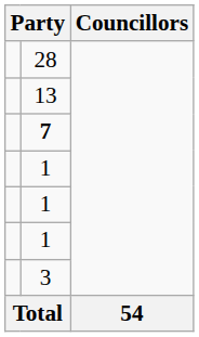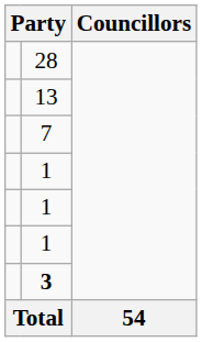 <table class="wikitable">
 <tr>
 <th colspan=2>Party</th>
 <th>Councillors</th>
 </tr>
 <tr>
 <td></td>
 <td align=center>28</td>
 </tr>
 <tr>
 <td></td>
 <td align=center>13</td>
 </tr>
 <tr>
 <td></td>
-<td align=center><strong>7</strong></td>
+<td align=center>7</td>
 </tr>
 <tr>
 <td></td>
 <td align=center>1</td>
 </tr>
 <tr>
 <td></td>
 <td align=center>1</td>
 </tr>
 <tr>
 <td></td>
 <td align=center>1</td>
 </tr>
 <tr>
 <td></td>
-<td align=center>3</td>
+<td align=center><strong>3</strong></td>
 </tr>
 <tr>
 <th colspan=2>Total</th>
 <th>54</th>
 </tr>
 </table>
